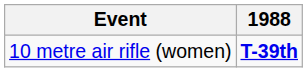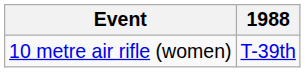 <table class="wikitable" style="text-align: center">
 <tr>
 <th>Event</th>
 <th>1988</th>
 </tr>
 <tr>
 <td align=left><a href='#'>10 metre air rifle</a> (women)</td>
-<td><strong><a href='#'>T-39th</a></strong></td>
+<td><a href='#'>T-39th</a></td>
 </tr>
 </table>
